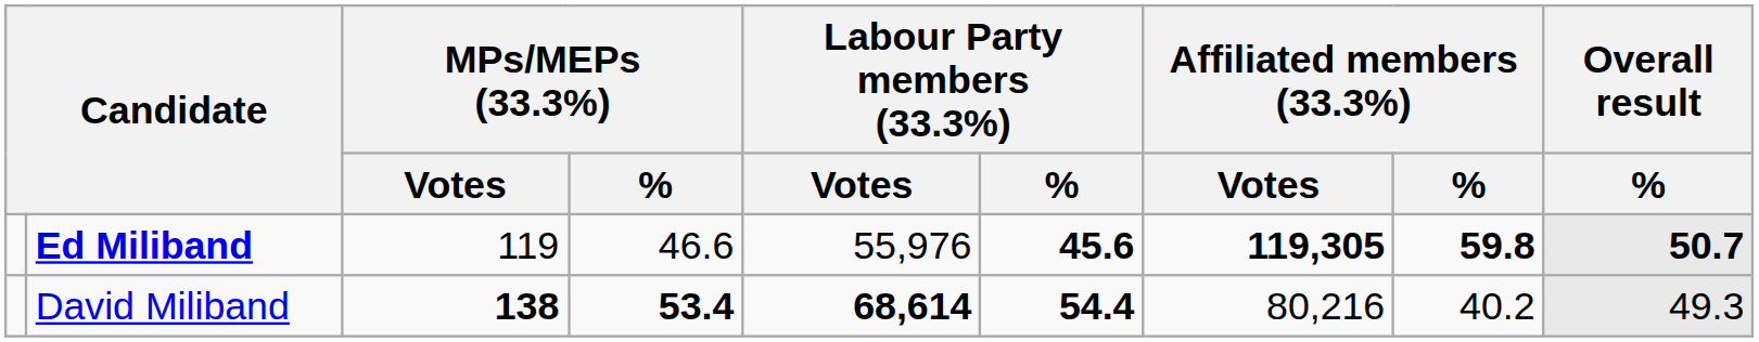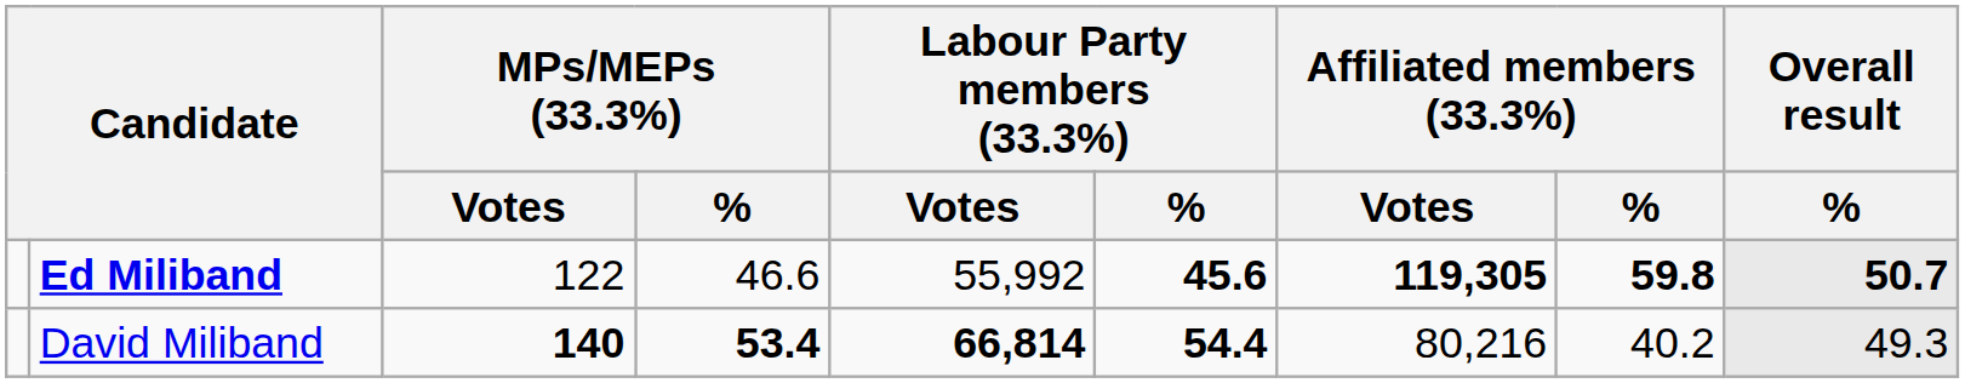 <table class="wikitable" style="font-size:95%;">
 <tr>
 <th colspan="2" scope="col" rowspan="2" style="width:125px;">Candidate</th>
 <th scope="col" colspan="2" style="width:150px;">MPs/MEPs <br> (33.3%)</th>
 <th scope="col" colspan="2" style="width:150px;">Labour Party members <br> (33.3%)</th>
 <th scope="col" colspan="2" style="width:150px;">Affiliated members <br> (33.3%)</th>
 <th scope="col" style="width:75px;">Overall result</th>
 </tr>
 <tr>
 <th>Votes</th>
 <th>%</th>
 <th>Votes</th>
 <th>%</th>
 <th>Votes</th>
 <th>%</th>
 <th>%</th>
 </tr>
 <tr style="text-align:right;">
 <td style="background-color: "></td>
 <td scope="row" style="text-align:left;"><strong><a href='#'>Ed Miliband</a></strong> </td>
-<td>119</td>
+<td>122</td>
 <td>46.6</td>
-<td>55,976</td>
+<td>55,992</td>
 <td><strong>45.6</strong></td>
 <td><strong>119,305</strong></td>
 <td><strong>59.8</strong></td>
 <td style="background:#e9e9e9;"><strong>50.7</strong></td>
 </tr>
 <tr style="text-align:right;">
 <td style="background-color: "></td>
 <td scope="row" style="text-align:left;"><a href='#'>David Miliband</a></td>
-<td><strong>138</strong></td>
+<td><strong>140</strong></td>
 <td><strong>53.4</strong></td>
-<td><strong>68,614</strong></td>
+<td><strong>66,814</strong></td>
 <td><strong>54.4</strong></td>
 <td>80,216</td>
 <td>40.2</td>
 <td style="background:#e9e9e9;">49.3</td>
 </tr>
 </table>
